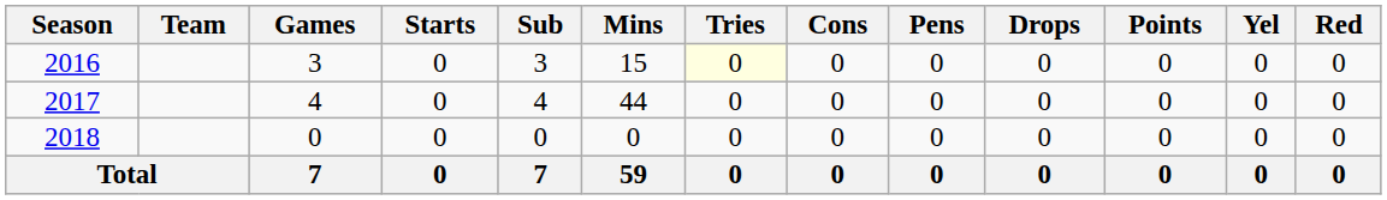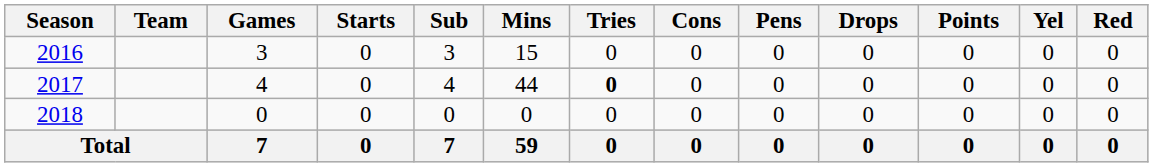 <table class="wikitable" style="text-align:center; line-height:90%; font-size:95%; width:60%;">
 <tr>
 <th>Season</th>
 <th>Team</th>
 <th>Games</th>
 <th>Starts</th>
 <th>Sub</th>
 <th>Mins</th>
 <th>Tries</th>
 <th>Cons</th>
 <th>Pens</th>
 <th>Drops</th>
 <th>Points</th>
 <th>Yel</th>
 <th>Red</th>
 </tr>
 <tr>
 <td><a href='#'>2016</a></td>
 <td></td>
 <td>3</td>
 <td>0</td>
 <td>3</td>
 <td>15</td>
-<td style="background: lightyellow;">0</td>
+<td>0</td>
 <td>0</td>
 <td>0</td>
 <td>0</td>
 <td>0</td>
 <td>0</td>
 <td>0</td>
 </tr>
 <tr>
 <td><a href='#'>2017</a></td>
 <td></td>
 <td>4</td>
 <td>0</td>
 <td>4</td>
 <td>44</td>
-<td>0</td>
+<td><strong>0</strong></td>
 <td>0</td>
 <td>0</td>
 <td>0</td>
 <td>0</td>
 <td>0</td>
 <td>0</td>
 </tr>
 <tr>
 <td><a href='#'>2018</a></td>
 <td></td>
 <td>0</td>
 <td>0</td>
 <td>0</td>
 <td>0</td>
 <td>0</td>
 <td>0</td>
 <td>0</td>
 <td>0</td>
 <td>0</td>
 <td>0</td>
 <td>0</td>
 </tr>
 <tr>
 <th colspan="2">Total</th>
 <th>7</th>
 <th>0</th>
 <th>7</th>
 <th>59</th>
 <th>0</th>
 <th>0</th>
 <th>0</th>
 <th>0</th>
 <th>0</th>
 <th>0</th>
 <th>0</th>
 </tr>
 </table>
